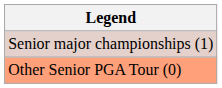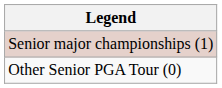 <table class="wikitable" style="font-size:95%;">
 <tr>
 <th>Legend</th>
 </tr>
 <tr style="background:#e5d1cb;">
 <td>Senior major championships (1)</td>
 </tr>
 <tr>
-<td style="background: lightsalmon;">Other Senior PGA Tour (0)</td>
+<td>Other Senior PGA Tour (0)</td>
 </tr>
 </table>
